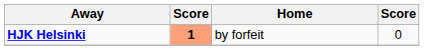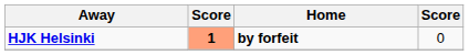 <table class="wikitable">
 <tr>
 <th width="200">Away</th>
 <th width="40">Score</th>
 <th width="200">Home</th>
 <th width="40">Score</th>
 </tr>
 <tr>
 <td><strong><a href='#'>HJK Helsinki</a></strong></td>
 <td align=center style="background: lightsalmon;"><strong>1</strong></td>
-<td>by forfeit</td>
+<td><strong>by forfeit</strong></td>
 <td align=center>0</td>
 </tr>
 <tr>
 </tr>
 </table>
